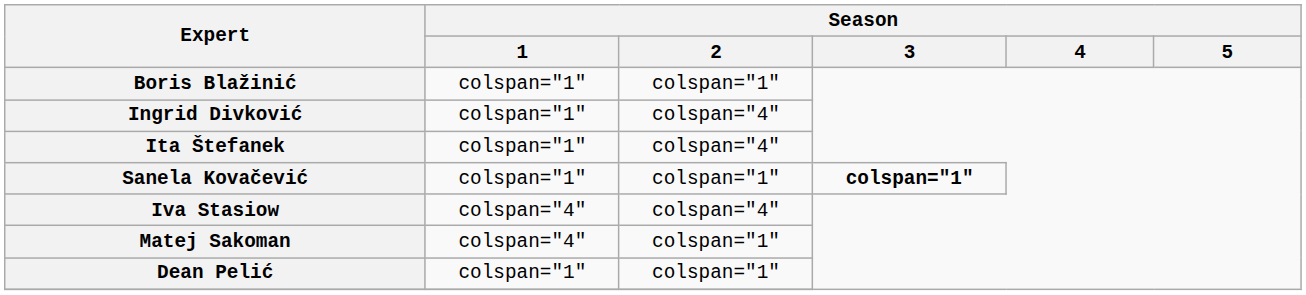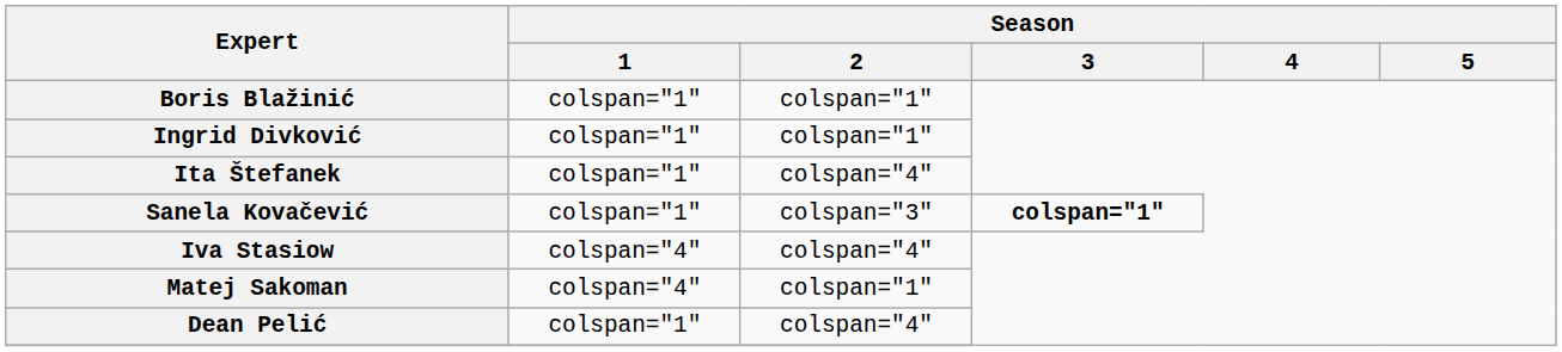 <table class="wikitable plainrowheaders" style="text-align:center">
 <tr>
 <th rowspan="2" style="width:20%;" scope="col">Expert</th>
 <th colspan="5">Season</th>
 </tr>
 <tr>
 <th style="width:7%;" scope="colspan">1</th>
 <th style="width:7%;" scope="colspan">2</th>
 <th style="width:7%;" scope="colspan">3</th>
 <th style="width:7%;" scope="colspan">4</th>
 <th style="width:7%;" scope="colspan">5</th>
 </tr>
 <tr>
 <th scope="row" style="text-align: center;">Boris Blažinić</th>
 <td>colspan="1" </td>
 <td>colspan="1" </td>
 </tr>
 <tr>
 <th scope="row" style="text-align: center;">Ingrid Divković</th>
 <td>colspan="1" </td>
-<td>colspan="4" </td>
+<td>colspan="1" </td>
 </tr>
 <tr>
 <th scope="row" style="text-align: center;">Ita Štefanek</th>
 <td>colspan="1" </td>
 <td>colspan="4" </td>
 </tr>
 <tr>
 <th scope="row" style="text-align: center;">Sanela Kovačević</th>
 <td>colspan="1" </td>
-<td>colspan="1" </td>
+<td>colspan="3" </td>
 <td><strong>colspan="1" </strong></td>
 </tr>
 <tr>
 <th scope="row" style="text-align: center;">Iva Stasiow</th>
 <td>colspan="4" </td>
 <td>colspan="4" </td>
 </tr>
 <tr>
 <th scope="row" style="text-align: center;">Matej Sakoman</th>
 <td>colspan="4" </td>
 <td>colspan="1" </td>
 </tr>
 <tr>
 <th scope="row" style="text-align: center;">Dean Pelić</th>
 <td>colspan="1" </td>
-<td>colspan="1" </td>
+<td>colspan="4" </td>
 </tr>
 <tr>
 </tr>
 </table>
